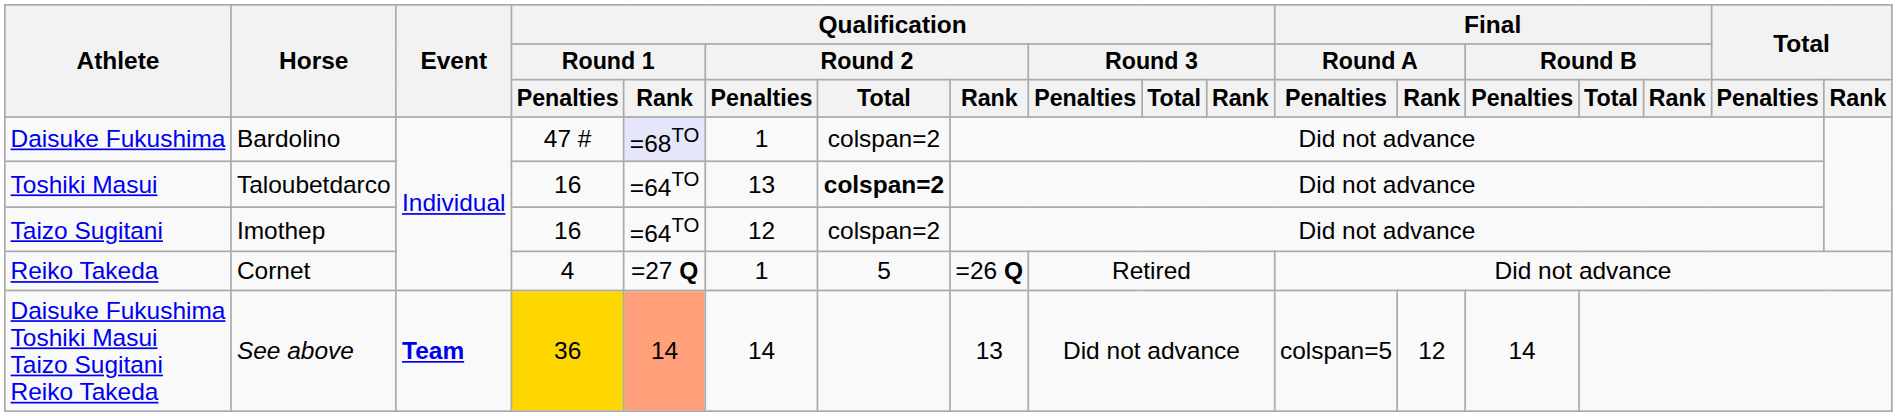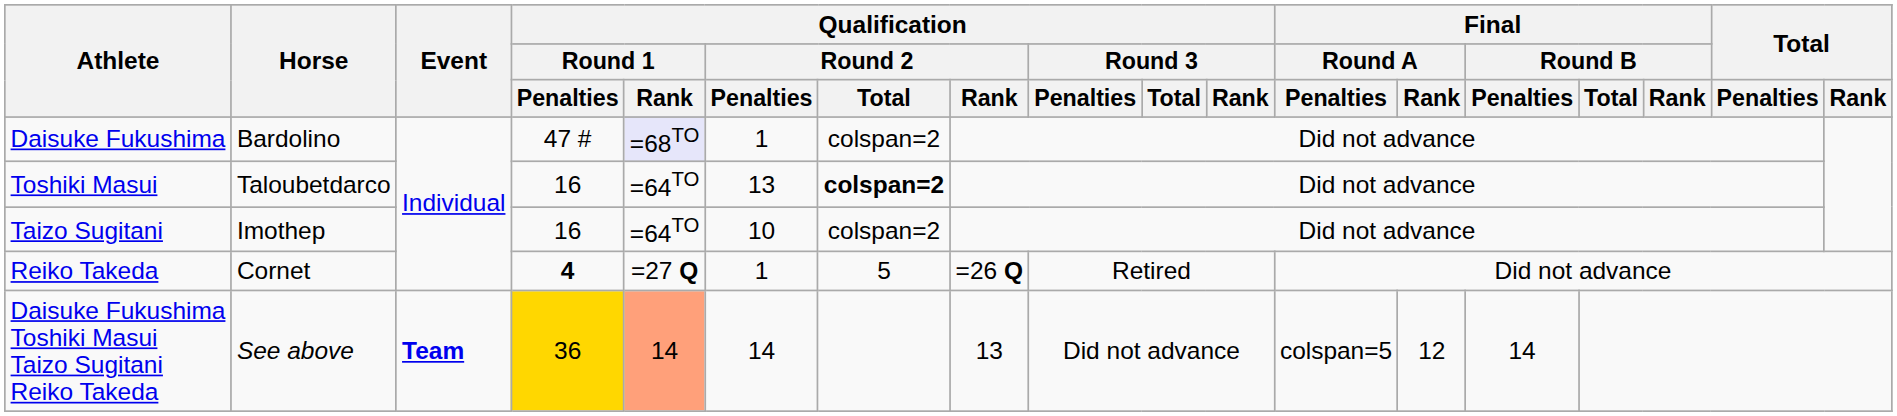 <table class="wikitable" style="font-size:90%">
 <tr>
 <th rowspan="3">Athlete</th>
 <th rowspan="3">Horse</th>
 <th rowspan="3">Event</th>
 <th colspan="8">Qualification</th>
 <th colspan="5">Final</th>
 <th rowspan=2 colspan="2">Total</th>
 </tr>
 <tr style="font-size:95%">
 <th colspan="2">Round 1</th>
 <th colspan="3">Round 2</th>
 <th colspan="3">Round 3</th>
 <th colspan="2">Round A</th>
 <th colspan="3">Round B</th>
 </tr>
 <tr style="font-size:95%">
 <th>Penalties</th>
 <th>Rank</th>
 <th>Penalties</th>
 <th>Total</th>
 <th>Rank</th>
 <th>Penalties</th>
 <th>Total</th>
 <th>Rank</th>
 <th>Penalties</th>
 <th>Rank</th>
 <th>Penalties</th>
 <th>Total</th>
 <th>Rank</th>
 <th>Penalties</th>
 <th>Rank</th>
 </tr>
 <tr align=center>
 <td align=left><a href='#'>Daisuke Fukushima</a></td>
 <td align=left>Bardolino</td>
 <td align=left rowspan=4><a href='#'>Individual</a></td>
 <td>47 #</td>
 <td style="background: lavender;">=68<sup>TO</sup></td>
 <td>1</td>
 <td>colspan=2 </td>
 <td colspan=10>Did not advance</td>
 </tr>
 <tr align=center>
 <td align=left><a href='#'>Toshiki Masui</a></td>
 <td align=left>Taloubetdarco</td>
 <td>16</td>
 <td>=64<sup>TO</sup></td>
 <td>13</td>
 <td><strong>colspan=2 </strong></td>
 <td colspan=10>Did not advance</td>
 </tr>
 <tr align=center>
 <td align=left><a href='#'>Taizo Sugitani</a></td>
 <td align=left>Imothep</td>
 <td>16</td>
 <td>=64<sup>TO</sup></td>
-<td>12</td>
+<td>10</td>
 <td>colspan=2 </td>
 <td colspan=10>Did not advance</td>
 </tr>
 <tr align=center>
 <td align=left><a href='#'>Reiko Takeda</a></td>
 <td align=left>Cornet</td>
-<td>4</td>
+<td><strong>4</strong></td>
 <td>=27 <strong>Q</strong></td>
 <td>1</td>
 <td>5</td>
 <td>=26 <strong>Q</strong></td>
 <td colspan=3>Retired</td>
 <td colspan=7>Did not advance</td>
 </tr>
 <tr align=center>
 <td align=left><a href='#'>Daisuke Fukushima</a><br><a href='#'>Toshiki Masui</a><br><a href='#'>Taizo Sugitani</a><br><a href='#'>Reiko Takeda</a></td>
 <td align=left><em>See above</em></td>
 <td align=left><strong><a href='#'>Team</a></strong></td>
 <td style="background: gold;">36</td>
 <td style="background: lightsalmon;">14</td>
 <td>14</td>
 <td></td>
 <td>13</td>
 <td colspan=3>Did not advance</td>
 <td>colspan=5 </td>
 <td>12</td>
 <td>14</td>
 </tr>
 </table>
